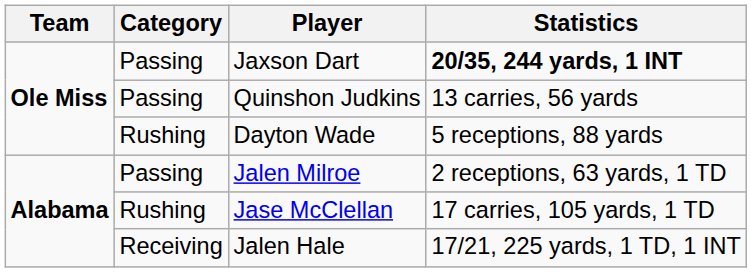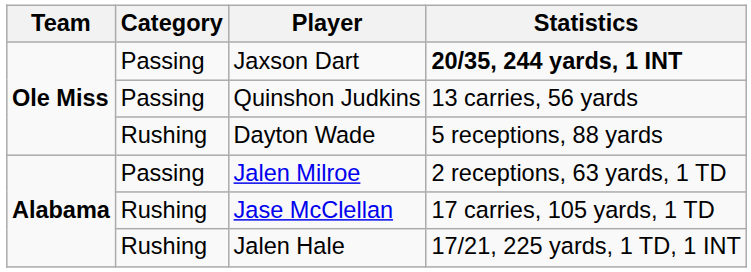 <table class="wikitable" style="float: right;">
 <tr>
 <th>Team</th>
 <th>Category</th>
 <th>Player</th>
 <th>Statistics</th>
 </tr>
 <tr>
 <td rowspan=3><strong>Ole Miss</strong></td>
 <td>Passing</td>
 <td>Jaxson Dart</td>
 <td><strong>20/35, 244 yards, 1 INT</strong></td>
 </tr>
 <tr>
 <td>Passing</td>
 <td>Quinshon Judkins</td>
 <td>13 carries, 56 yards</td>
 </tr>
 <tr>
 <td>Rushing</td>
 <td>Dayton Wade</td>
 <td>5 receptions, 88 yards</td>
 </tr>
 <tr>
 <td rowspan=3><strong>Alabama</strong></td>
 <td>Passing</td>
 <td><a href='#'>Jalen Milroe</a></td>
 <td>2 receptions, 63 yards, 1 TD</td>
 </tr>
 <tr>
 <td>Rushing</td>
 <td><a href='#'>Jase McClellan</a></td>
 <td>17 carries, 105 yards, 1 TD</td>
 </tr>
 <tr>
-<td>Receiving</td>
+<td>Rushing</td>
 <td>Jalen Hale</td>
 <td>17/21, 225 yards, 1 TD, 1 INT</td>
 </tr>
 </table>
